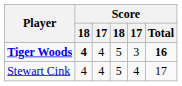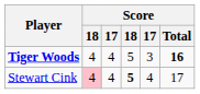 <table class="wikitable" style="text-align:center">
 <tr>
 <th rowspan=2>Player</th>
 <th colspan=5>Score</th>
 </tr>
 <tr>
 <th>18</th>
 <th>17</th>
 <th>18</th>
 <th>17</th>
 <th>Total</th>
 </tr>
 <tr>
 <td align=left><strong><a href='#'>Tiger Woods</a></strong></td>
-<td><strong>4</strong></td>
+<td>4</td>
 <td>4</td>
 <td>5</td>
 <td>3</td>
 <td><strong>16</strong></td>
 </tr>
 <tr>
 <td align=left><a href='#'>Stewart Cink</a></td>
+<td style="background: pink;">4</td>
 <td>4</td>
-<td>4</td>
-<td>5</td>
+<td><strong>5</strong></td>
 <td>4</td>
 <td>17</td>
 </tr>
 </table>
